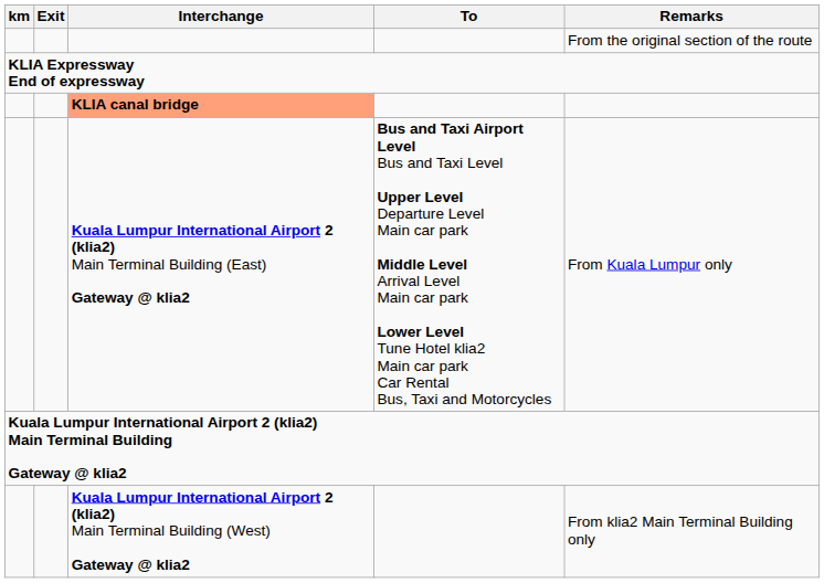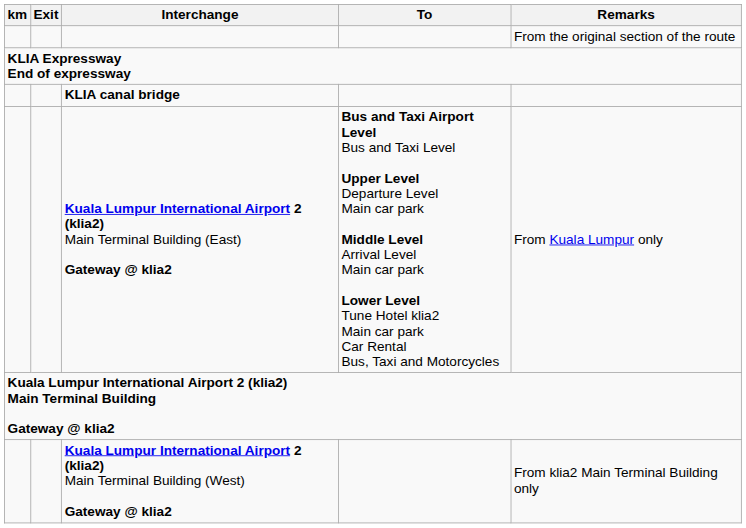 <table class="wikitable">
 <tr>
 <th>km</th>
 <th>Exit</th>
 <th>Interchange</th>
 <th>To</th>
 <th>Remarks</th>
 </tr>
 <tr>
 <td></td>
 <td></td>
 <td></td>
 <td></td>
 <td>From the original section of the route </td>
 </tr>
 <tr>
 <td style="width:600px" colspan="6" style="text-align:center; background:blue;"><strong><span> KLIA Expressway<br>End of expressway</span></strong></td>
 </tr>
 <tr>
 <td></td>
 <td></td>
-<td style="background: lightsalmon;"><strong>KLIA canal bridge</strong></td>
+<td><strong>KLIA canal bridge</strong></td>
 <td></td>
 <td></td>
 </tr>
 <tr>
 <td></td>
 <td></td>
 <td><strong><a href='#'>Kuala Lumpur International Airport</a> 2 (klia2)</strong><br>Main Terminal Building (East)<br><br><strong>Gateway @ klia2</strong></td>
 <td><strong>Bus and Taxi Airport Level</strong><br>Bus and Taxi Level<br><br><strong>Upper Level</strong><br>Departure Level<br> Main car park<br><br><strong>Middle Level</strong><br>Arrival Level<br> Main car park<br><br><strong>Lower Level</strong><br>Tune Hotel klia2 <br> Main car park<br>Car Rental<br> Bus, Taxi and Motorcycles</td>
 <td>From <a href='#'>Kuala Lumpur</a> only</td>
 </tr>
 <tr>
 <td style="width:600px" colspan="6" style="text-align:center; background:blue;"><strong><span>Kuala Lumpur International Airport 2 (klia2)<br>Main Terminal Building<br><br>Gateway @ klia2 </span></strong></td>
 </tr>
 <tr>
 <td></td>
 <td></td>
 <td><strong><a href='#'>Kuala Lumpur International Airport</a> 2 (klia2)</strong> <br>Main Terminal Building (West)<br><br><strong>Gateway @ klia2</strong></td>
 <td></td>
 <td>From klia2 Main Terminal Building only</td>
 </tr>
 </table>
